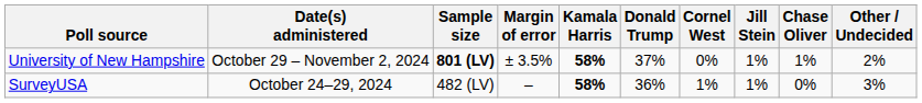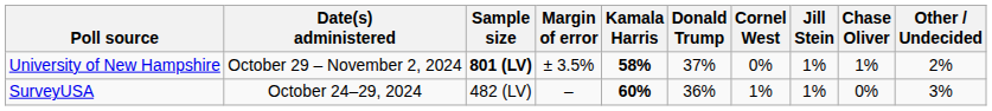 <table class="wikitable sortable mw-datatable" style="font-size:90%;text-align:center;line-height:17px">
 <tr style="vertical-align:bottom">
 <th>Poll source</th>
 <th>Date(s)<br>administered</th>
 <th>Sample<br>size</th>
 <th>Margin<br>of error</th>
 <th class="unsortable">Kamala<br>Harris<br></th>
 <th class="unsortable">Donald<br>Trump<br></th>
 <th class="unsortable">Cornel<br>West<br></th>
 <th class="unsortable">Jill<br>Stein<br></th>
 <th class="unsortable">Chase<br>Oliver<br></th>
 <th class="unsortable">Other /<br>Undecided</th>
 </tr>
 <tr>
 <td style="text-align:left;"><a href='#'>University of New Hampshire</a></td>
 <td data-sort-value="2024-11-02">October 29 – November 2, 2024</td>
 <td><strong>801 (LV)</strong></td>
 <td>± 3.5%</td>
 <td style="color:black;background-color:"><strong>58%</strong></td>
 <td>37%</td>
 <td>0%</td>
 <td>1%</td>
 <td>1%</td>
 <td>2%</td>
 </tr>
 <tr>
 <td style="text-align:left;"><a href='#'>SurveyUSA</a></td>
 <td data-sort-value="2024-10-29">October 24–29, 2024</td>
 <td>482 (LV)</td>
 <td>–</td>
-<td style="color:black;background-color:"><strong>58%</strong></td>
+<td style="color:black;background-color:"><strong>60%</strong></td>
 <td>36%</td>
 <td>1%</td>
 <td>1%</td>
 <td>0%</td>
 <td>3%</td>
 </tr>
 </table>
